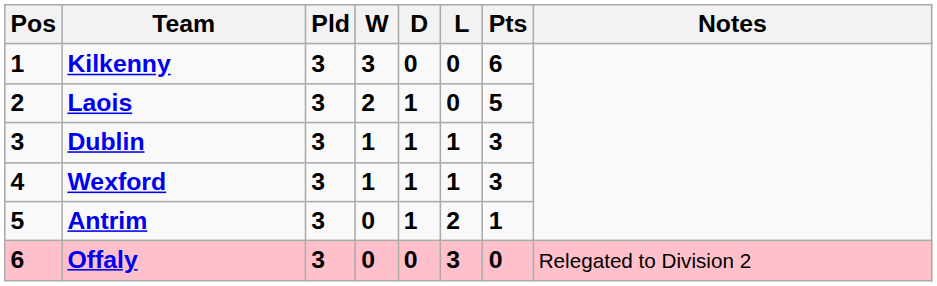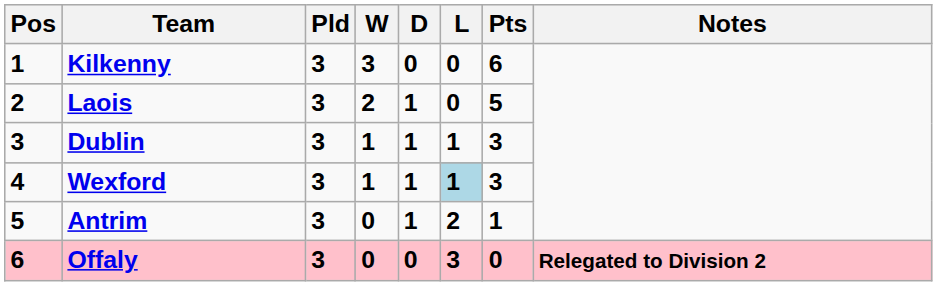 <table class="wikitable" style="text-align: centre;">
 <tr>
 <th width=20>Pos</th>
 <th width=150>Team</th>
 <th width=20>Pld</th>
 <th width=20>W</th>
 <th width=20>D</th>
 <th width=20>L</th>
 <th width=20>Pts</th>
 <th width=250>Notes</th>
 </tr>
 <tr style>
 <td><strong>1</strong></td>
 <td align=left><strong> <a href='#'>Kilkenny</a> </strong></td>
 <td><strong>3</strong></td>
 <td><strong>3</strong></td>
 <td><strong>0</strong></td>
 <td><strong>0</strong></td>
 <td><strong>6</strong></td>
 </tr>
 <tr style>
 <td><strong>2</strong></td>
 <td align=left><strong> <a href='#'>Laois</a> </strong></td>
 <td><strong>3</strong></td>
 <td><strong>2</strong></td>
 <td><strong>1</strong></td>
 <td><strong>0</strong></td>
 <td><strong>5</strong></td>
 </tr>
 <tr style>
 <td><strong>3</strong></td>
 <td align=left><strong> <a href='#'>Dublin</a> </strong></td>
 <td><strong>3</strong></td>
 <td><strong>1</strong></td>
 <td><strong>1</strong></td>
 <td><strong>1</strong></td>
 <td><strong>3</strong></td>
 </tr>
 <tr style>
 <td><strong>4</strong></td>
 <td align=left><strong> <a href='#'>Wexford</a> </strong></td>
 <td><strong>3</strong></td>
 <td><strong>1</strong></td>
 <td><strong>1</strong></td>
-<td><strong>1</strong></td>
+<td style="background: lightblue;"><strong>1</strong></td>
 <td><strong>3</strong></td>
 </tr>
 <tr style>
 <td><strong>5</strong></td>
 <td align=left><strong> <a href='#'>Antrim</a> </strong></td>
 <td><strong>3</strong></td>
 <td><strong>0</strong></td>
 <td><strong>1</strong></td>
 <td><strong>2</strong></td>
 <td><strong>1</strong></td>
 </tr>
 <tr style="background:#FFC0CB;">
 <td><strong>6</strong></td>
 <td align=left><strong> <a href='#'>Offaly</a> </strong></td>
 <td><strong>3</strong></td>
 <td><strong>0</strong></td>
 <td><strong>0</strong></td>
 <td><strong>3</strong></td>
 <td><strong>0</strong></td>
-<td><small> Relegated to Division 2</small></td>
+<td><strong><small> Relegated to Division 2</small></strong></td>
 </tr>
 </table>
